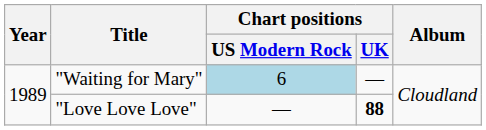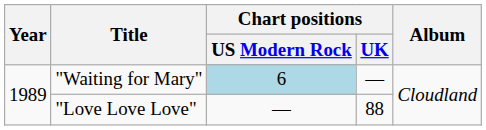 <table class="wikitable">
 <tr>
 <th rowspan="2">Year</th>
 <th rowspan="2">Title</th>
 <th colspan="2">Chart positions</th>
 <th rowspan="2">Album</th>
 </tr>
 <tr>
 <th>US <a href='#'>Modern Rock</a></th>
 <th><a href='#'>UK</a></th>
 </tr>
 <tr>
 <td rowspan="2">1989</td>
 <td>"Waiting for Mary"</td>
 <td style="background: lightblue; text-align:center;">6</td>
 <td style="text-align:center;">—</td>
 <td rowspan="2"><em>Cloudland</em></td>
 </tr>
 <tr>
 <td>"Love Love Love"</td>
 <td style="text-align:center;">—</td>
-<td style="text-align:center;"><strong>88</strong></td>
+<td style="text-align:center;">88</td>
 </tr>
 </table>
